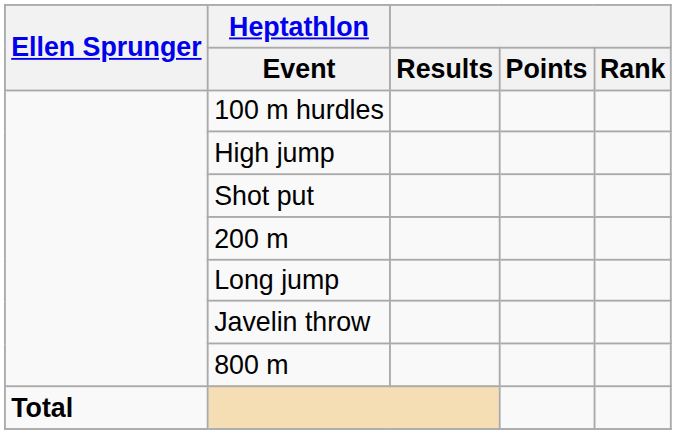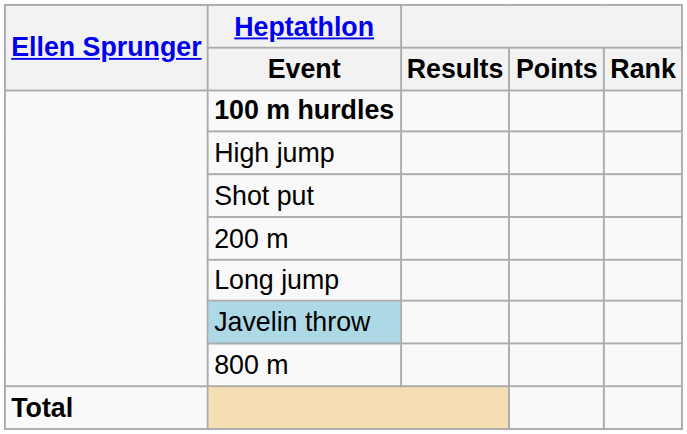 <table class=wikitable style="font-size:90%;">
 <tr>
 <th rowspan="2"><a href='#'>Ellen Sprunger</a></th>
 <th><a href='#'>Heptathlon</a></th>
 <th colspan="3"></th>
 </tr>
 <tr>
 <th>Event</th>
 <th>Results</th>
 <th>Points</th>
 <th>Rank</th>
 </tr>
 <tr style="border-top: single;">
 <td rowspan="7"></td>
-<td>100 m hurdles</td>
+<td><strong>100 m hurdles</strong></td>
 <td align=center></td>
 <td align=center></td>
 <td align=center></td>
 </tr>
 <tr>
 <td>High jump</td>
 <td align=center></td>
 <td align=center></td>
 <td align=center></td>
 </tr>
 <tr>
 <td>Shot put</td>
 <td align=center></td>
 <td align=center></td>
 <td align=center></td>
 </tr>
 <tr>
 <td>200 m</td>
 <td align=center></td>
 <td align=center></td>
 <td align=center></td>
 </tr>
 <tr>
 <td>Long jump</td>
 <td align=center></td>
 <td align=center></td>
 <td align=center></td>
 </tr>
 <tr>
-<td>Javelin throw</td>
+<td style="background: lightblue;">Javelin throw</td>
 <td align=center></td>
 <td align=center></td>
 <td align=center></td>
 </tr>
 <tr>
 <td>800 m</td>
 <td align=center></td>
 <td align=center></td>
 <td align=center></td>
 </tr>
 <tr style="border-top: single;">
 <td><strong>Total</strong></td>
 <td colspan="2" style="background:wheat;"></td>
 <td align=center></td>
 <td align=center></td>
 </tr>
 </table>
